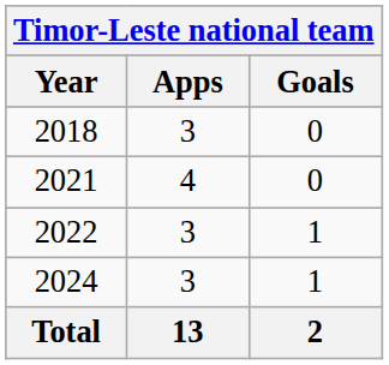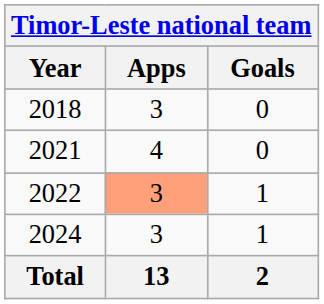 <table class="wikitable" style="text-align:center">
 <tr>
 <th colspan=3><a href='#'>Timor-Leste national team</a></th>
 </tr>
 <tr>
 <th>Year</th>
 <th>Apps</th>
 <th>Goals</th>
 </tr>
 <tr>
 <td>2018</td>
 <td>3</td>
 <td>0</td>
 </tr>
 <tr>
 <td>2021</td>
 <td>4</td>
 <td>0</td>
 </tr>
 <tr>
 <td>2022</td>
-<td>3</td>
+<td style="background: lightsalmon;">3</td>
 <td>1</td>
 </tr>
 <tr>
 <td>2024</td>
 <td>3</td>
 <td>1</td>
 </tr>
 <tr>
 <th>Total</th>
 <th>13</th>
 <th>2</th>
 </tr>
 </table>
